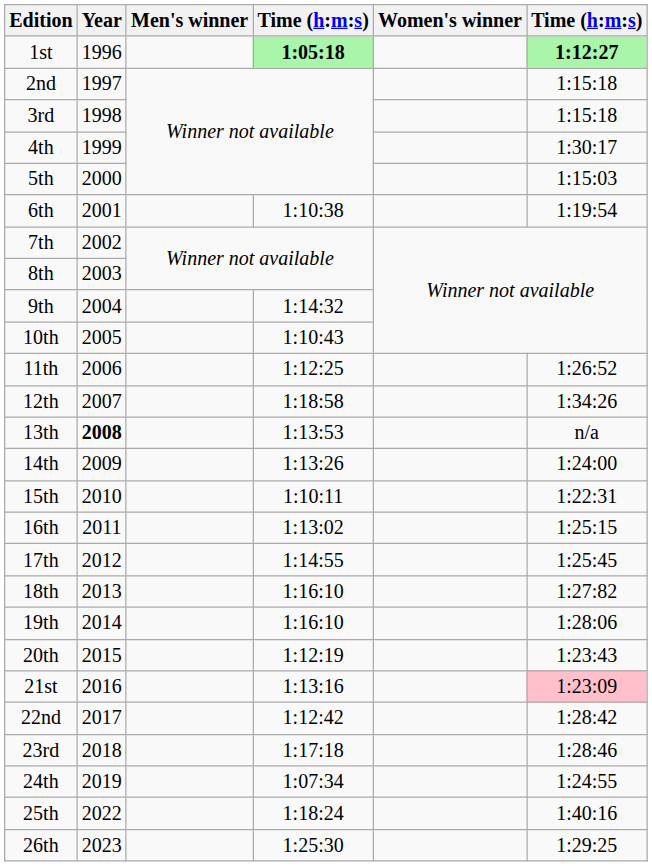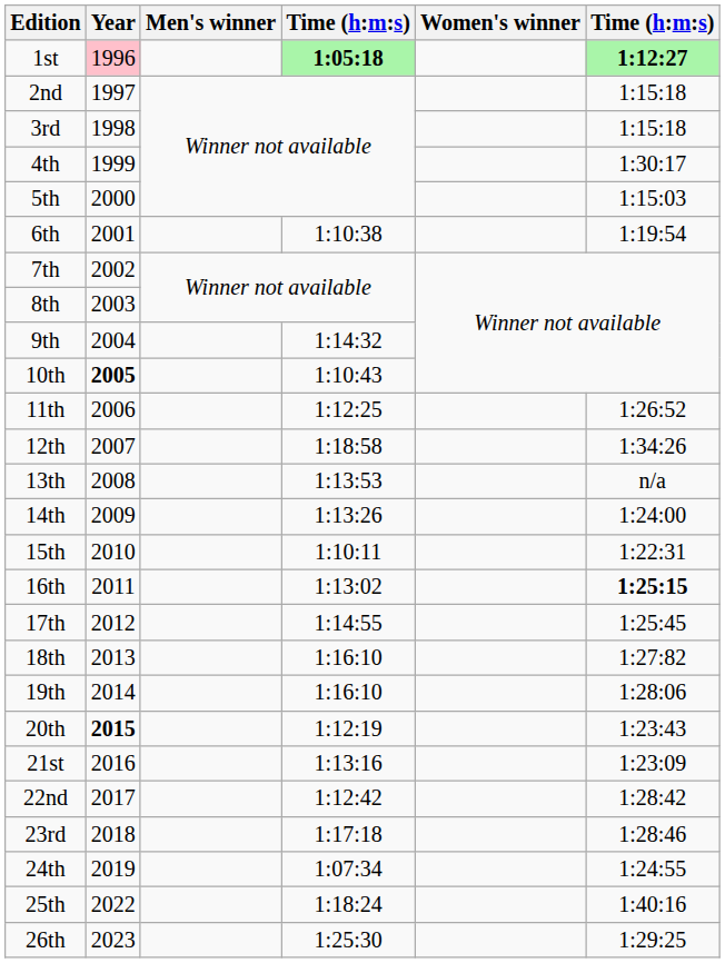 <table class="wikitable sortable" style="text-align:center">
 <tr>
 <th class=unsortable>Edition</th>
 <th>Year</th>
 <th class=unsortable>Men's winner</th>
 <th>Time (<a href='#'>h</a>:<a href='#'>m</a>:<a href='#'>s</a>)</th>
 <th class=unsortable>Women's winner</th>
 <th>Time (<a href='#'>h</a>:<a href='#'>m</a>:<a href='#'>s</a>)</th>
 </tr>
 <tr>
 <td>1st</td>
-<td>1996</td>
+<td style="background: pink;">1996</td>
 <td align=left></td>
 <td bgcolor=#A9F5A9><strong>1:05:18</strong></td>
 <td align=left></td>
 <td bgcolor=#A9F5A9><strong>1:12:27</strong></td>
 </tr>
 <tr>
 <td>2nd</td>
 <td>1997</td>
 <td colspan=2 rowspan=4><em>Winner not available</em></td>
 <td align=left></td>
 <td>1:15:18</td>
 </tr>
 <tr>
 <td>3rd</td>
 <td>1998</td>
 <td align=left></td>
 <td>1:15:18</td>
 </tr>
 <tr>
 <td>4th</td>
 <td>1999</td>
 <td align=left></td>
 <td>1:30:17</td>
 </tr>
 <tr>
 <td>5th</td>
 <td>2000</td>
 <td align=left></td>
 <td>1:15:03</td>
 </tr>
 <tr>
 <td>6th</td>
 <td>2001</td>
 <td align=left></td>
 <td>1:10:38</td>
 <td align=left></td>
 <td>1:19:54</td>
 </tr>
 <tr>
 <td>7th</td>
 <td>2002</td>
 <td colspan=2 rowspan=2><em>Winner not available</em></td>
 <td colspan="2" rowspan="4"><em>Winner not available</em></td>
 </tr>
 <tr>
 <td>8th</td>
 <td>2003</td>
 </tr>
 <tr>
 <td>9th</td>
 <td>2004</td>
 <td align=left></td>
 <td>1:14:32</td>
 </tr>
 <tr>
 <td>10th</td>
-<td>2005</td>
+<td><strong>2005</strong></td>
 <td align=left></td>
 <td>1:10:43</td>
 </tr>
 <tr>
 <td>11th</td>
 <td>2006</td>
 <td align=left></td>
 <td>1:12:25</td>
 <td align=left></td>
 <td>1:26:52</td>
 </tr>
 <tr>
 <td>12th</td>
 <td>2007</td>
 <td align=left></td>
 <td>1:18:58</td>
 <td align=left></td>
 <td>1:34:26</td>
 </tr>
 <tr>
 <td>13th</td>
-<td><strong>2008</strong></td>
+<td>2008</td>
 <td align=left></td>
 <td>1:13:53</td>
 <td align=left></td>
 <td>n/a</td>
 </tr>
 <tr>
 <td>14th</td>
 <td>2009</td>
 <td align=left></td>
 <td>1:13:26</td>
 <td align=left></td>
 <td>1:24:00</td>
 </tr>
 <tr>
 <td>15th</td>
 <td>2010</td>
 <td align=left></td>
 <td>1:10:11</td>
 <td align=left></td>
 <td>1:22:31</td>
 </tr>
 <tr>
 <td>16th</td>
 <td>2011</td>
 <td align=left></td>
 <td>1:13:02</td>
 <td align=left></td>
-<td>1:25:15</td>
+<td><strong>1:25:15</strong></td>
 </tr>
 <tr>
 <td>17th</td>
 <td>2012</td>
 <td align=left></td>
 <td>1:14:55</td>
 <td align=left></td>
 <td>1:25:45</td>
 </tr>
 <tr>
 <td>18th</td>
 <td>2013</td>
 <td align=left></td>
 <td>1:16:10</td>
 <td align=left></td>
 <td>1:27:82</td>
 </tr>
 <tr>
 <td>19th</td>
 <td>2014</td>
 <td align=left></td>
 <td>1:16:10</td>
 <td align=left></td>
 <td>1:28:06</td>
 </tr>
 <tr>
 <td>20th</td>
-<td>2015</td>
+<td><strong>2015</strong></td>
 <td align=left></td>
 <td>1:12:19</td>
 <td align=left></td>
 <td>1:23:43</td>
 </tr>
 <tr>
 <td>21st</td>
 <td>2016</td>
 <td align=left></td>
 <td>1:13:16</td>
 <td align=left></td>
-<td style="background: pink;">1:23:09</td>
+<td>1:23:09</td>
 </tr>
 <tr>
 <td>22nd</td>
 <td>2017</td>
 <td align=left></td>
 <td>1:12:42</td>
 <td align=left></td>
 <td>1:28:42</td>
 </tr>
 <tr>
 <td>23rd</td>
 <td>2018</td>
 <td align=left></td>
 <td>1:17:18</td>
 <td align=left></td>
 <td>1:28:46</td>
 </tr>
 <tr>
 <td>24th</td>
 <td>2019</td>
 <td align=left></td>
 <td>1:07:34</td>
 <td align=left></td>
 <td>1:24:55</td>
 </tr>
 <tr>
 <td>25th</td>
 <td>2022</td>
 <td align=left></td>
 <td>1:18:24</td>
 <td align=left></td>
 <td>1:40:16</td>
 </tr>
 <tr>
 <td>26th</td>
 <td>2023</td>
 <td align=left></td>
 <td>1:25:30</td>
 <td align=left></td>
 <td>1:29:25</td>
 </tr>
 </table>
